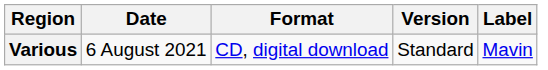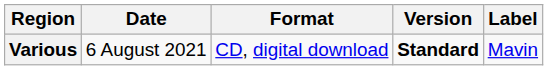 <table class="wikitable plainrowheaders">
 <tr>
 <th>Region</th>
 <th>Date</th>
 <th>Format</th>
 <th>Version</th>
 <th>Label</th>
 </tr>
 <tr>
 <th scope="row">Various</th>
 <td>6 August 2021</td>
 <td rowspan="2"><a href='#'>CD</a>, <a href='#'>digital download</a></td>
-<td>Standard</td>
+<td><strong>Standard</strong></td>
 <td><a href='#'>Mavin</a></td>
 </tr>
 </table>
